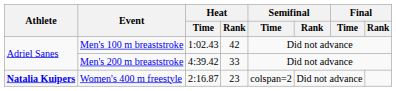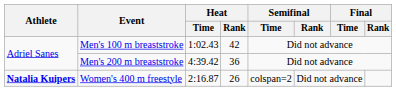 <table class=wikitable style="font-size:90%">
 <tr>
 <th rowspan="2">Athlete</th>
 <th rowspan="2">Event</th>
 <th colspan="2">Heat</th>
 <th colspan="2">Semifinal</th>
 <th colspan="2">Final</th>
 </tr>
 <tr style="font-size:95%">
 <th>Time</th>
 <th>Rank</th>
 <th>Time</th>
 <th>Rank</th>
 <th>Time</th>
 <th>Rank</th>
 </tr>
 <tr align=center>
 <td align=left rowspan=2><a href='#'>Adriel Sanes</a></td>
 <td align=left><a href='#'>Men's 100 m breaststroke</a></td>
 <td>1:02.43</td>
 <td>42</td>
 <td colspan=4>Did not advance</td>
 </tr>
 <tr align=center>
 <td align=left><a href='#'>Men's 200 m breaststroke</a></td>
 <td>4:39.42</td>
-<td>33</td>
+<td>36</td>
 <td colspan="4">Did not advance</td>
 </tr>
 <tr align=center>
 <td align=left><strong><a href='#'>Natalia Kuipers</a></strong></td>
 <td align=left><a href='#'>Women's 400 m freestyle</a></td>
 <td>2:16.87</td>
-<td>23</td>
+<td>26</td>
 <td>colspan=2 </td>
 <td colspan=2>Did not advance</td>
 </tr>
 </table>
